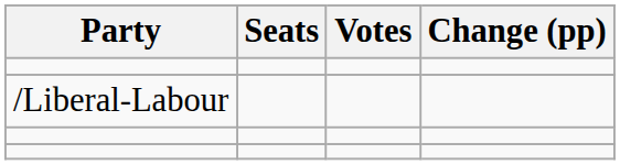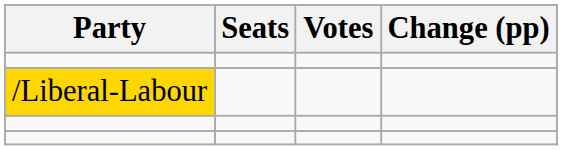 <table class="wikitable" style="text-align:right;">
 <tr>
 <th>Party</th>
 <th>Seats</th>
 <th>Votes</th>
 <th colspan="3">Change (pp)</th>
 </tr>
 <tr>
 <td style="text-align:left;"></td>
 <td></td>
 <td></td>
 <td></td>
 </tr>
 <tr>
-<td style="text-align:left;">/Liberal-Labour</td>
+<td style="background: gold; text-align:left;">/Liberal-Labour</td>
 <td></td>
 <td></td>
 <td></td>
 </tr>
 <tr>
 <td style="text-align:left;"></td>
 <td></td>
 <td></td>
 <td></td>
 </tr>
 <tr>
 <td style="text-align:left;"></td>
 <td></td>
 <td></td>
 <td></td>
 </tr>
 </table>
